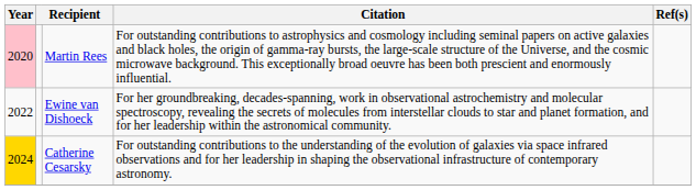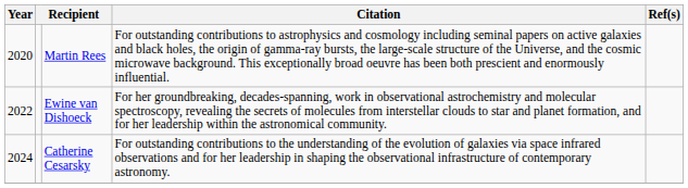 <table class="wikitable sortable plainrowheaders">
 <tr>
 <th scope="col">Year</th>
 <th scope="col" colspan=2>Recipient</th>
 <th scope="col" class="unsortable">Citation</th>
 <th scope="col" class="unsortable">Ref(s)</th>
 </tr>
 <tr>
-<td style="background: pink;">2020</td>
+<td>2020</td>
 <td></td>
 <td><a href='#'>Martin Rees</a></td>
 <td>For outstanding contributions to astrophysics and cosmology including seminal papers on active galaxies and black holes, the origin of gamma-ray bursts, the large-scale structure of the Universe, and the cosmic microwave background. This exceptionally broad oeuvre has been both prescient and enormously influential.</td>
 <td></td>
 </tr>
 <tr>
 <td>2022</td>
 <td></td>
 <td><a href='#'>Ewine van Dishoeck</a></td>
 <td>For her groundbreaking, decades-spanning, work in observational astrochemistry and molecular spectroscopy, revealing the secrets of molecules from interstellar clouds to star and planet formation, and for her leadership within the astronomical community.</td>
 <td></td>
 </tr>
 <tr>
-<td style="background: gold;">2024</td>
+<td>2024</td>
 <td></td>
 <td><a href='#'>Catherine Cesarsky</a></td>
 <td>For outstanding contributions to the understanding of the evolution of galaxies via space infrared observations and for her leadership in shaping the observational infrastructure of contemporary astronomy.</td>
 <td></td>
 </tr>
 <tr>
 </tr>
 </table>
